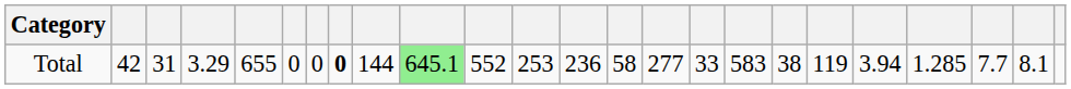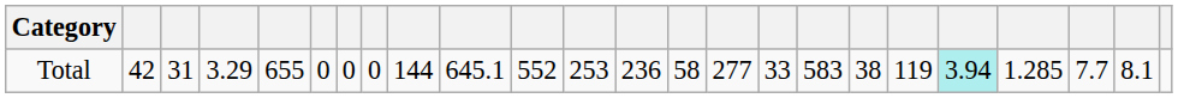 <table class="wikitable"  style="font-size: 95%; text-align:center;">
 <tr>
 <th>Category</th>
 <th></th>
 <th></th>
 <th></th>
 <th></th>
 <th></th>
 <th></th>
 <th></th>
 <th></th>
 <th></th>
 <th></th>
 <th></th>
 <th></th>
 <th></th>
 <th></th>
 <th></th>
 <th></th>
 <th></th>
 <th></th>
 <th></th>
 <th></th>
 <th></th>
 <th></th>
 <th></th>
 </tr>
 <tr>
 <td>Total</td>
 <td>42</td>
 <td>31</td>
 <td>3.29</td>
 <td>655</td>
 <td>0</td>
 <td>0</td>
-<td><strong>0</strong></td>
+<td>0</td>
 <td>144</td>
-<td style="background: lightgreen;">645.1</td>
+<td>645.1</td>
 <td>552</td>
 <td>253</td>
 <td>236</td>
 <td>58</td>
 <td>277</td>
 <td>33</td>
 <td>583</td>
 <td>38</td>
 <td>119</td>
-<td>3.94</td>
+<td style="background: paleturquoise;">3.94</td>
 <td>1.285</td>
 <td>7.7</td>
 <td>8.1</td>
 <td></td>
 </tr>
 </table>
